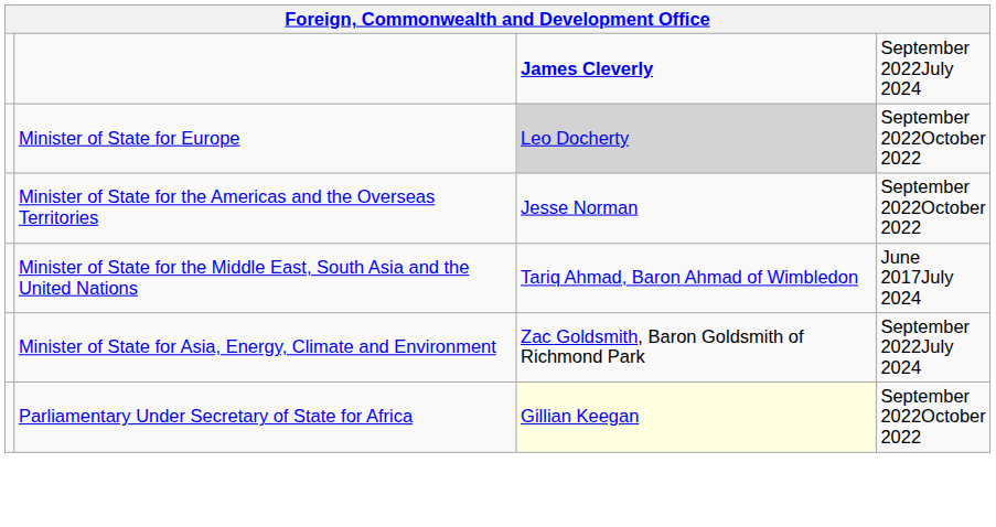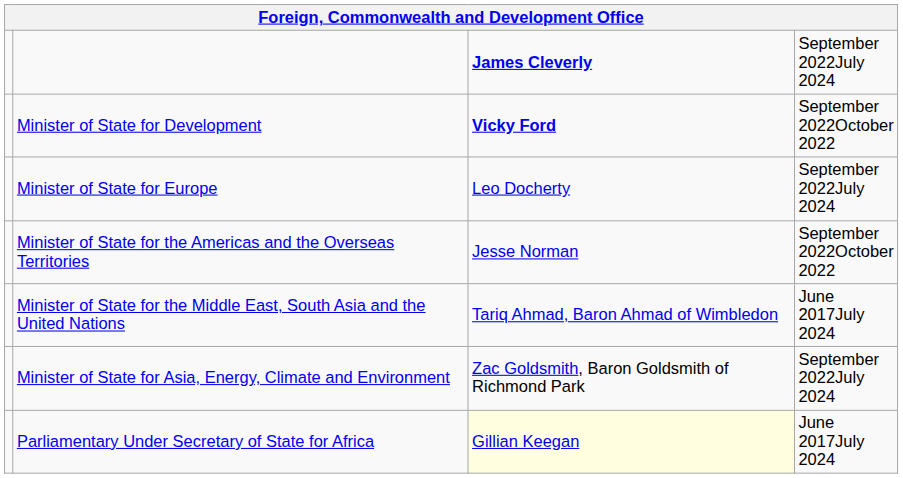 <table class="wikitable">
 <tr>
 <th colspan="4"><a href='#'>Foreign, Commonwealth and Development Office</a></th>
 </tr>
 <tr>
 <td rowspan=1 style="width: 1px; background: "></td>
 <td style="width: 450px;"></td>
 <td style="width: 320px;"><strong><a href='#'>James Cleverly</a></strong></td>
 <td>September 2022July 2024</td>
 </tr>
 <tr>
 <td rowspan="1" style="width: 1px; background: "></td>
+<td><a href='#'>Minister of State for Development</a></td>
+<td><strong><a href='#'>Vicky Ford</a></strong></td>
+<td>September 2022October 2022</td>
+</tr>
+<tr>
+<td rowspan="1" style="width: 1px; background: "></td>
 <td><a href='#'>Minister of State for Europe</a></td>
-<td style="background: lightgrey;"><a href='#'>Leo Docherty</a></td>
-<td>September 2022October 2022</td>
+<td><a href='#'>Leo Docherty</a></td>
+<td>September 2022July 2024</td>
 </tr>
 <tr>
 <td rowspan="1" style="width: 1px; background: "></td>
 <td><a href='#'>Minister of State for the Americas and the Overseas Territories</a></td>
 <td><a href='#'>Jesse Norman</a></td>
 <td>September 2022October 2022</td>
 </tr>
 <tr>
 <td style="width: 1px; background: "></td>
 <td rowspan="1"><a href='#'>Minister of State for the Middle East, South Asia and the United Nations</a></td>
 <td><a href='#'>Tariq Ahmad, Baron Ahmad of Wimbledon</a></td>
 <td>June 2017July 2024</td>
 </tr>
 <tr>
 <td style="width: 1px; background: "></td>
 <td rowspan="1"><a href='#'>Minister of State for Asia, Energy, Climate and Environment</a></td>
 <td><a href='#'>Zac Goldsmith</a>, Baron Goldsmith of Richmond Park </td>
 <td>September 2022July 2024</td>
 </tr>
 <tr>
 <td rowspan="1" style="width: 1px; background: "></td>
 <td><a href='#'>Parliamentary Under Secretary of State for Africa</a></td>
 <td style="background: lightyellow;"><a href='#'>Gillian Keegan</a></td>
-<td>September 2022October 2022</td>
+<td>June 2017July 2024</td>
 </tr>
 </table>
